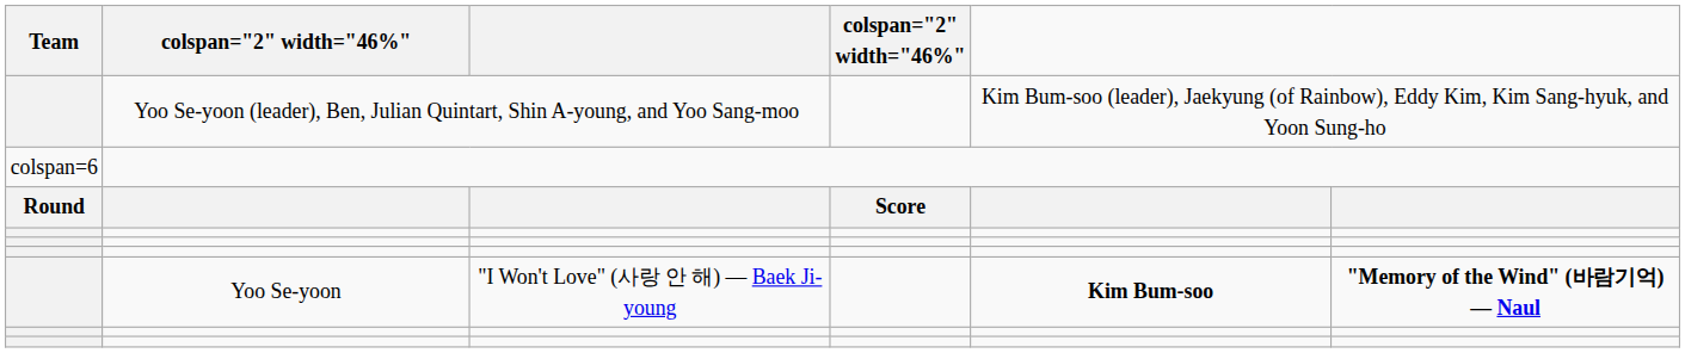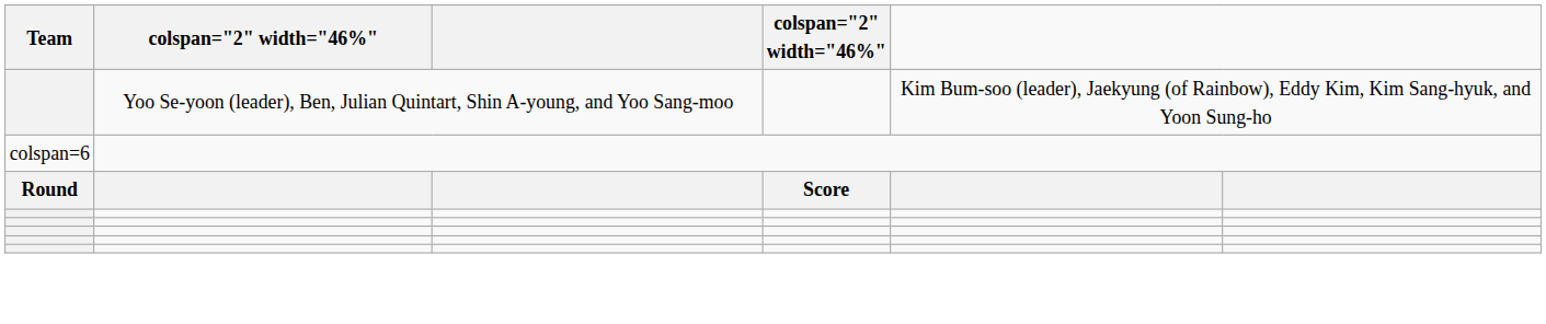 <table class="wikitable plainrowheaders mw-collapsible" style="text-align:center; line-height:23px; width:100%;">
 <tr>
 <th width="1%">Team</th>
 <th>colspan="2" width="46%" </th>
 <th></th>
 <th>colspan="2" width="46%" </th>
 </tr>
 <tr>
 <th></th>
 <td colspan="2">Yoo Se-yoon (leader), Ben, Julian Quintart, Shin A-young, and Yoo Sang-moo</td>
 <td></td>
 <td colspan="2">Kim Bum-soo (leader), Jaekyung (of Rainbow), Eddy Kim, Kim Sang-hyuk, and Yoon Sung-ho</td>
 </tr>
 <tr>
 <td>colspan=6 </td>
 </tr>
 <tr>
 <th>Round</th>
 <th width="23%"></th>
 <th width="23%"></th>
 <th width="8%">Score</th>
 <th width="23%"></th>
 <th width="23%"></th>
 </tr>
 <tr>
 <th></th>
 <td></td>
 <td></td>
 <td></td>
 <td></td>
 <td></td>
 </tr>
 <tr>
 <th></th>
 <td></td>
 <td></td>
 <td></td>
 <td></td>
 <td></td>
 </tr>
 <tr>
 <th></th>
 <td></td>
 <td></td>
 <td></td>
 <td></td>
 <td></td>
 </tr>
 <tr>
 <th></th>
-<td>Yoo Se-yoon</td>
-<td>"I Won't Love" (사랑 안 해) — <a href='#'>Baek Ji-young</a></td>
-<td></td>
-<td><strong>Kim Bum-soo</strong></td>
-<td><strong>"Memory of the Wind" (바람기억) — <a href='#'>Naul</a></strong></td>
-</tr>
-<tr>
-<th></th>
 <td></td>
 <td></td>
 <td></td>
 <td></td>
 <td></td>
 </tr>
 <tr>
 <th></th>
 <td></td>
 <td></td>
 <td></td>
 <td></td>
 <td></td>
 </tr>
 </table>
